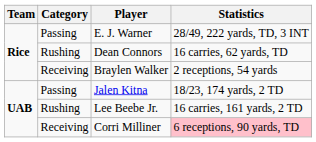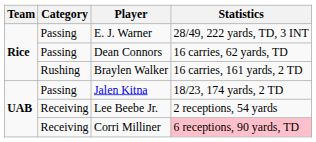 <table class="wikitable" style="float: right;">
 <tr>
 <th>Team</th>
 <th>Category</th>
 <th>Player</th>
 <th>Statistics</th>
 </tr>
 <tr>
 <td rowspan=3><strong>Rice</strong></td>
 <td>Passing</td>
 <td>E. J. Warner</td>
 <td>28/49, 222 yards, TD, 3 INT</td>
 </tr>
 <tr>
-<td>Rushing</td>
+<td>Passing</td>
 <td>Dean Connors</td>
 <td>16 carries, 62 yards, TD</td>
 </tr>
 <tr>
-<td>Receiving</td>
+<td>Rushing</td>
 <td>Braylen Walker</td>
-<td>2 receptions, 54 yards</td>
+<td>16 carries, 161 yards, 2 TD</td>
 </tr>
 <tr>
 <td rowspan=3><strong>UAB</strong></td>
 <td>Passing</td>
 <td><a href='#'>Jalen Kitna</a></td>
 <td>18/23, 174 yards, 2 TD</td>
 </tr>
 <tr>
-<td>Rushing</td>
+<td>Receiving</td>
 <td>Lee Beebe Jr.</td>
-<td>16 carries, 161 yards, 2 TD</td>
+<td>2 receptions, 54 yards</td>
 </tr>
 <tr>
 <td>Receiving</td>
 <td>Corri Milliner</td>
 <td style="background: pink;">6 receptions, 90 yards, TD</td>
 </tr>
 </table>
